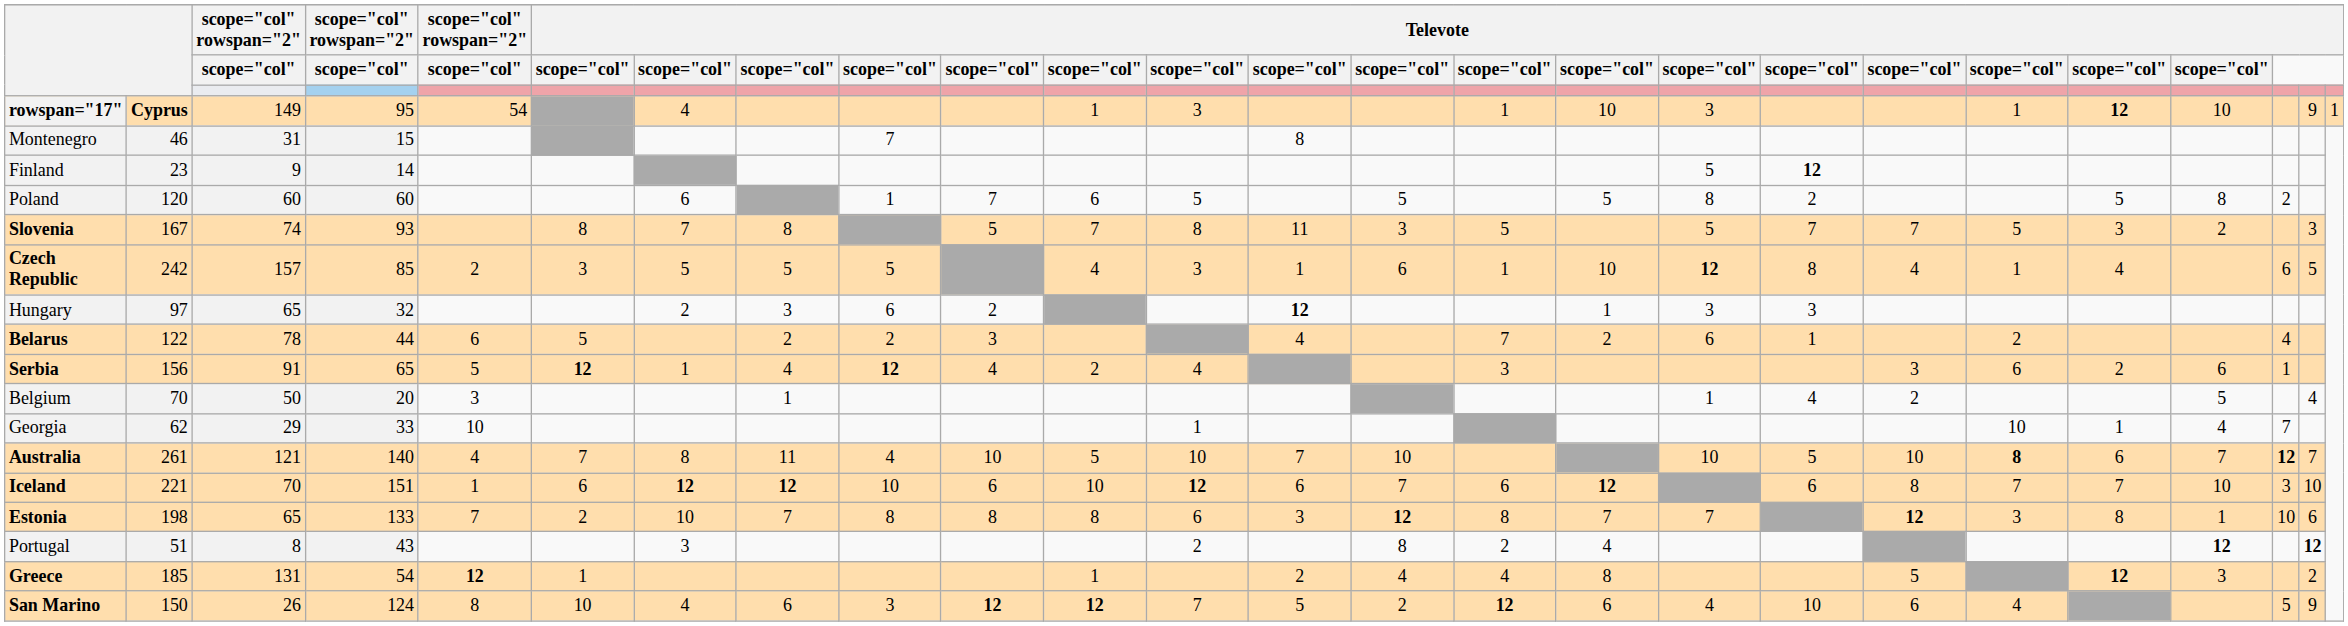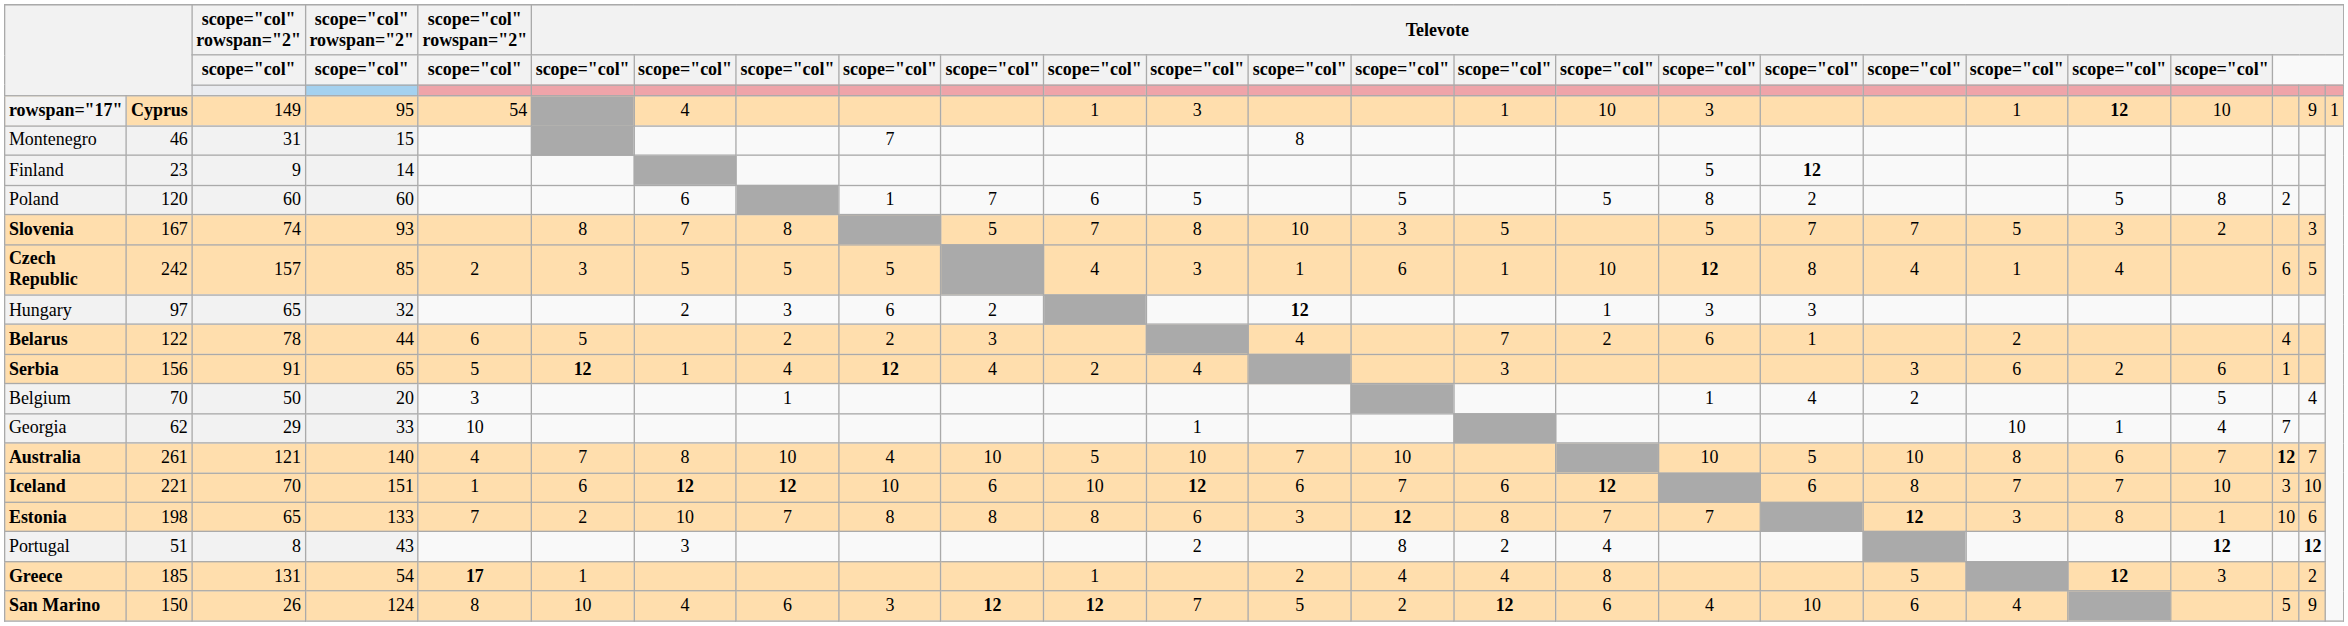 <table class="wikitable plainrowheaders" style="text-align:center; font-size:85%;">
 <tr>
 </tr>
 <tr>
 <td colspan="2" rowspan="3" style="background: #F2F2F2;"></td>
 <th>scope="col" rowspan="2" </th>
 <th>scope="col" rowspan="2" </th>
 <th>scope="col" rowspan="2" </th>
 <th scope="col" colspan="20">Televote</th>
 </tr>
 <tr>
 <th>scope="col" </th>
 <th>scope="col" </th>
 <th>scope="col" </th>
 <th>scope="col" </th>
 <th>scope="col" </th>
 <th>scope="col" </th>
 <th>scope="col" </th>
 <th>scope="col" </th>
 <th>scope="col" </th>
 <th>scope="col" </th>
 <th>scope="col" </th>
 <th>scope="col" </th>
 <th>scope="col" </th>
 <th>scope="col" </th>
 <th>scope="col" </th>
 <th>scope="col" </th>
 <th>scope="col" </th>
 <th>scope="col" </th>
 <th>scope="col" </th>
 <th>scope="col" </th>
 </tr>
 <tr>
 <td style="height:2px; background:#eaecf0; border-top:1px solid transparent;"></td>
 <td style="background:#A4D1EF;"></td>
 <td style="background:#EFA4A9;"></td>
 <th style="background:#EFA4A9;"></th>
 <th style="background:#EFA4A9;"></th>
 <th style="background:#EFA4A9;"></th>
 <th style="background:#EFA4A9;"></th>
 <th style="background:#EFA4A9;"></th>
 <th style="background:#EFA4A9;"></th>
 <th style="background:#EFA4A9;"></th>
 <th style="background:#EFA4A9;"></th>
 <th style="background:#EFA4A9;"></th>
 <th style="background:#EFA4A9;"></th>
 <th style="background:#EFA4A9;"></th>
 <th style="background:#EFA4A9;"></th>
 <th style="background:#EFA4A9;"></th>
 <th style="background:#EFA4A9;"></th>
 <th style="background:#EFA4A9;"></th>
 <th style="background:#EFA4A9;"></th>
 <th style="background:#EFA4A9;"></th>
 <th style="background:#EFA4A9;"></th>
 <th style="background:#EFA4A9;"></th>
 <th style="background:#EFA4A9;"></th>
 </tr>
 <tr style="background:#ffdead;">
 <th>rowspan="17" </th>
 <td scope="row" style="text-align:left; font-weight:bold; background:#ffdead;">Cyprus</td>
 <td style="text-align:right;">149</td>
 <td style="text-align:right;">95</td>
 <td style="text-align:right;">54</td>
 <td style="text-align:left; background:#aaa;"></td>
 <td>4</td>
 <td></td>
 <td></td>
 <td></td>
 <td>1</td>
 <td>3</td>
 <td></td>
 <td></td>
 <td>1</td>
 <td>10</td>
 <td>3</td>
 <td></td>
 <td></td>
 <td>1</td>
 <td><strong>12</strong></td>
 <td>10</td>
 <td></td>
 <td>9</td>
 <td>1</td>
 </tr>
 <tr>
 <td scope="row" style="text-align:left; background:#f2f2f2;">Montenegro</td>
 <td style="text-align:right; background:#f2f2f2;">46</td>
 <td style="text-align:right; background:#f2f2f2;">31</td>
 <td style="text-align:right; background:#f2f2f2;">15</td>
 <td></td>
 <td style="text-align:left; background:#aaa;"></td>
 <td></td>
 <td></td>
 <td>7</td>
 <td></td>
 <td></td>
 <td></td>
 <td>8</td>
 <td></td>
 <td></td>
 <td></td>
 <td></td>
 <td></td>
 <td></td>
 <td></td>
 <td></td>
 <td></td>
 <td></td>
 <td></td>
 </tr>
 <tr>
 <td scope="row" style="text-align:left; background:#f2f2f2;">Finland</td>
 <td style="text-align:right; background:#f2f2f2;">23</td>
 <td style="text-align:right; background:#f2f2f2;">9</td>
 <td style="text-align:right; background:#f2f2f2;">14</td>
 <td></td>
 <td></td>
 <td style="text-align:left; background:#aaa;"></td>
 <td></td>
 <td></td>
 <td></td>
 <td></td>
 <td></td>
 <td></td>
 <td></td>
 <td></td>
 <td></td>
 <td>5</td>
 <td><strong>12</strong></td>
 <td></td>
 <td></td>
 <td></td>
 <td></td>
 <td></td>
 <td></td>
 </tr>
 <tr>
 <td scope="row" style="text-align:left; background:#f2f2f2;">Poland</td>
 <td style="text-align:right; background:#f2f2f2;">120</td>
 <td style="text-align:right; background:#f2f2f2;">60</td>
 <td style="text-align:right; background:#f2f2f2;">60</td>
 <td></td>
 <td></td>
 <td>6</td>
 <td style="text-align:left; background:#aaa;"></td>
 <td>1</td>
 <td>7</td>
 <td>6</td>
 <td>5</td>
 <td></td>
 <td>5</td>
 <td></td>
 <td>5</td>
 <td>8</td>
 <td>2</td>
 <td></td>
 <td></td>
 <td>5</td>
 <td>8</td>
 <td>2</td>
 <td></td>
 </tr>
 <tr style="background:#ffdead;">
 <td scope="row" style="text-align:left; font-weight:bold; background:#ffdead;">Slovenia</td>
 <td style="text-align:right;">167</td>
 <td style="text-align:right;">74</td>
 <td style="text-align:right;">93</td>
 <td></td>
 <td>8</td>
 <td>7</td>
 <td>8</td>
 <td style="text-align:left; background:#aaa;"></td>
 <td>5</td>
 <td>7</td>
 <td>8</td>
-<td>11</td>
+<td>10</td>
 <td>3</td>
 <td>5</td>
 <td></td>
 <td>5</td>
 <td>7</td>
 <td>7</td>
 <td>5</td>
 <td>3</td>
 <td>2</td>
 <td></td>
 <td>3</td>
 </tr>
 <tr style="background:#ffdead;">
 <td scope="row" style="text-align:left; font-weight:bold; background:#ffdead;">Czech Republic</td>
 <td style="text-align:right;">242</td>
 <td style="text-align:right;">157</td>
 <td style="text-align:right;">85</td>
 <td>2</td>
 <td>3</td>
 <td>5</td>
 <td>5</td>
 <td>5</td>
 <td style="text-align:left; background:#aaa;"></td>
 <td>4</td>
 <td>3</td>
 <td>1</td>
 <td>6</td>
 <td>1</td>
 <td>10</td>
 <td><strong>12</strong></td>
 <td>8</td>
 <td>4</td>
 <td>1</td>
 <td>4</td>
 <td></td>
 <td>6</td>
 <td>5</td>
 </tr>
 <tr>
 <td scope="row" style="text-align:left; background:#f2f2f2;">Hungary</td>
 <td style="text-align:right; background:#f2f2f2;">97</td>
 <td style="text-align:right; background:#f2f2f2;">65</td>
 <td style="text-align:right; background:#f2f2f2;">32</td>
 <td></td>
 <td></td>
 <td>2</td>
 <td>3</td>
 <td>6</td>
 <td>2</td>
 <td style="text-align:left; background:#aaa;"></td>
 <td></td>
 <td><strong>12</strong></td>
 <td></td>
 <td></td>
 <td>1</td>
 <td>3</td>
 <td>3</td>
 <td></td>
 <td></td>
 <td></td>
 <td></td>
 <td></td>
 <td></td>
 </tr>
 <tr style="background:#ffdead;">
 <td scope="row" style="text-align:left; font-weight:bold; background:#ffdead;">Belarus</td>
 <td style="text-align:right;">122</td>
 <td style="text-align:right;">78</td>
 <td style="text-align:right;">44</td>
 <td>6</td>
 <td>5</td>
 <td></td>
 <td>2</td>
 <td>2</td>
 <td>3</td>
 <td></td>
 <td style="text-align:left; background:#aaa;"></td>
 <td>4</td>
 <td></td>
 <td>7</td>
 <td>2</td>
 <td>6</td>
 <td>1</td>
 <td></td>
 <td>2</td>
 <td></td>
 <td></td>
 <td>4</td>
 <td></td>
 </tr>
 <tr style="background:#ffdead;">
 <td scope="row" style="text-align:left; font-weight:bold; background:#ffdead;">Serbia</td>
 <td style="text-align:right;">156</td>
 <td style="text-align:right;">91</td>
 <td style="text-align:right;">65</td>
 <td>5</td>
 <td><strong>12</strong></td>
 <td>1</td>
 <td>4</td>
 <td><strong>12</strong></td>
 <td>4</td>
 <td>2</td>
 <td>4</td>
 <td style="text-align:left; background:#aaa;"></td>
 <td></td>
 <td>3</td>
 <td></td>
 <td></td>
 <td></td>
 <td>3</td>
 <td>6</td>
 <td>2</td>
 <td>6</td>
 <td>1</td>
 <td></td>
 </tr>
 <tr>
 <td scope="row" style="text-align:left; background:#f2f2f2;">Belgium</td>
 <td style="text-align:right; background:#f2f2f2;">70</td>
 <td style="text-align:right; background:#f2f2f2;">50</td>
 <td style="text-align:right; background:#f2f2f2;">20</td>
 <td>3</td>
 <td></td>
 <td></td>
 <td>1</td>
 <td></td>
 <td></td>
 <td></td>
 <td></td>
 <td></td>
 <td style="text-align:left; background:#aaa;"></td>
 <td></td>
 <td></td>
 <td>1</td>
 <td>4</td>
 <td>2</td>
 <td></td>
 <td></td>
 <td>5</td>
 <td></td>
 <td>4</td>
 </tr>
 <tr>
 <td scope="row" style="text-align:left; background:#f2f2f2;">Georgia</td>
 <td style="text-align:right; background:#f2f2f2;">62</td>
 <td style="text-align:right; background:#f2f2f2;">29</td>
 <td style="text-align:right; background:#f2f2f2;">33</td>
 <td>10</td>
 <td></td>
 <td></td>
 <td></td>
 <td></td>
 <td></td>
 <td></td>
 <td>1</td>
 <td></td>
 <td></td>
 <td style="text-align:left; background:#aaa;"></td>
 <td></td>
 <td></td>
 <td></td>
 <td></td>
 <td>10</td>
 <td>1</td>
 <td>4</td>
 <td>7</td>
 <td></td>
 </tr>
 <tr style="background:#ffdead;">
 <td scope="row" style="text-align:left; font-weight:bold; background:#ffdead;">Australia</td>
 <td style="text-align:right;">261</td>
 <td style="text-align:right;">121</td>
 <td style="text-align:right;">140</td>
 <td>4</td>
 <td>7</td>
 <td>8</td>
-<td>11</td>
+<td>10</td>
 <td>4</td>
 <td>10</td>
 <td>5</td>
 <td>10</td>
 <td>7</td>
 <td>10</td>
 <td></td>
 <td style="text-align:left; background:#aaa;"></td>
 <td>10</td>
 <td>5</td>
 <td>10</td>
-<td><strong>8</strong></td>
+<td>8</td>
 <td>6</td>
 <td>7</td>
 <td><strong>12</strong></td>
 <td>7</td>
 </tr>
 <tr style="background:#ffdead;">
 <td scope="row" style="text-align:left; font-weight:bold; background:#ffdead;">Iceland</td>
 <td style="text-align:right;">221</td>
 <td style="text-align:right;">70</td>
 <td style="text-align:right;">151</td>
 <td>1</td>
 <td>6</td>
 <td><strong>12</strong></td>
 <td><strong>12</strong></td>
 <td>10</td>
 <td>6</td>
 <td>10</td>
 <td><strong>12</strong></td>
 <td>6</td>
 <td>7</td>
 <td>6</td>
 <td><strong>12</strong></td>
 <td style="text-align:left; background:#aaa;"></td>
 <td>6</td>
 <td>8</td>
 <td>7</td>
 <td>7</td>
 <td>10</td>
 <td>3</td>
 <td>10</td>
 </tr>
 <tr style="background:#ffdead;">
 <td scope="row" style="text-align:left; font-weight:bold; background:#ffdead;">Estonia</td>
 <td style="text-align:right;">198</td>
 <td style="text-align:right;">65</td>
 <td style="text-align:right;">133</td>
 <td>7</td>
 <td>2</td>
 <td>10</td>
 <td>7</td>
 <td>8</td>
 <td>8</td>
 <td>8</td>
 <td>6</td>
 <td>3</td>
 <td><strong>12</strong></td>
 <td>8</td>
 <td>7</td>
 <td>7</td>
 <td style="text-align:left; background:#aaa;"></td>
 <td><strong>12</strong></td>
 <td>3</td>
 <td>8</td>
 <td>1</td>
 <td>10</td>
 <td>6</td>
 </tr>
 <tr>
 <td scope="row" style="text-align:left; background:#f2f2f2;">Portugal</td>
 <td style="text-align:right; background:#f2f2f2;">51</td>
 <td style="text-align:right; background:#f2f2f2;">8</td>
 <td style="text-align:right; background:#f2f2f2;">43</td>
 <td></td>
 <td></td>
 <td>3</td>
 <td></td>
 <td></td>
 <td></td>
 <td></td>
 <td>2</td>
 <td></td>
 <td>8</td>
 <td>2</td>
 <td>4</td>
 <td></td>
 <td></td>
 <td style="text-align:left; background:#aaa;"></td>
 <td></td>
 <td></td>
 <td><strong>12</strong></td>
 <td></td>
 <td><strong>12</strong></td>
 </tr>
 <tr style="background:#ffdead;">
 <td scope="row" style="text-align:left; font-weight:bold; background:#ffdead;">Greece</td>
 <td style="text-align:right;">185</td>
 <td style="text-align:right;">131</td>
 <td style="text-align:right;">54</td>
-<td><strong>12</strong></td>
+<td><strong>17</strong></td>
 <td>1</td>
 <td></td>
 <td></td>
 <td></td>
 <td></td>
 <td>1</td>
 <td></td>
 <td>2</td>
 <td>4</td>
 <td>4</td>
 <td>8</td>
 <td></td>
 <td></td>
 <td>5</td>
 <td style="text-align:left; background:#aaa;"></td>
 <td><strong>12</strong></td>
 <td>3</td>
 <td></td>
 <td>2</td>
 </tr>
 <tr style="background:#ffdead;">
 <td scope="row" style="text-align:left; font-weight:bold; background:#ffdead;">San Marino</td>
 <td style="text-align:right;">150</td>
 <td style="text-align:right;">26</td>
 <td style="text-align:right;">124</td>
 <td>8</td>
 <td>10</td>
 <td>4</td>
 <td>6</td>
 <td>3</td>
 <td><strong>12</strong></td>
 <td><strong>12</strong></td>
 <td>7</td>
 <td>5</td>
 <td>2</td>
 <td><strong>12</strong></td>
 <td>6</td>
 <td>4</td>
 <td>10</td>
 <td>6</td>
 <td>4</td>
 <td style="text-align:left; background:#aaa;"></td>
 <td></td>
 <td>5</td>
 <td>9</td>
 </tr>
 </table>
